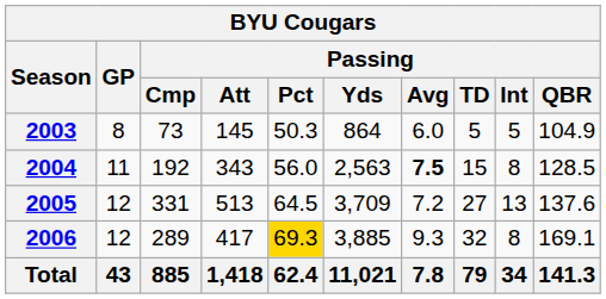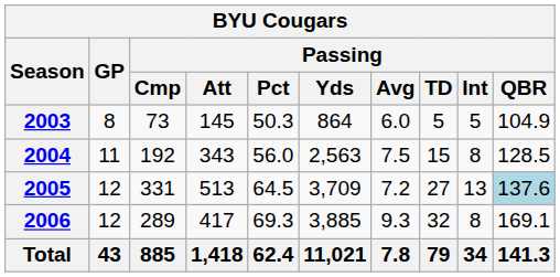 <table class="wikitable" style="text-align: center;">
 <tr>
 <th colspan="15">BYU Cougars</th>
 </tr>
 <tr>
 <th rowspan="2">Season</th>
 <th rowspan="2">GP</th>
 <th colspan="8">Passing</th>
 </tr>
 <tr>
 <th>Cmp</th>
 <th>Att</th>
 <th>Pct</th>
 <th>Yds</th>
 <th>Avg</th>
 <th>TD</th>
 <th>Int</th>
 <th>QBR</th>
 </tr>
 <tr>
 <th><a href='#'>2003</a></th>
 <td>8</td>
 <td>73</td>
 <td>145</td>
 <td>50.3</td>
 <td>864</td>
 <td>6.0</td>
 <td>5</td>
 <td>5</td>
 <td>104.9</td>
 </tr>
 <tr>
 <th><a href='#'>2004</a></th>
 <td>11</td>
 <td>192</td>
 <td>343</td>
 <td>56.0</td>
 <td>2,563</td>
-<td><strong>7.5</strong></td>
+<td>7.5</td>
 <td>15</td>
 <td>8</td>
 <td>128.5</td>
 </tr>
 <tr>
 <th><a href='#'>2005</a></th>
 <td>12</td>
 <td>331</td>
 <td>513</td>
 <td>64.5</td>
 <td>3,709</td>
 <td>7.2</td>
 <td>27</td>
 <td>13</td>
-<td>137.6</td>
+<td style="background: lightblue;">137.6</td>
 </tr>
 <tr>
 <th><a href='#'>2006</a></th>
 <td>12</td>
 <td>289</td>
 <td>417</td>
-<td style="background: gold;">69.3</td>
+<td>69.3</td>
 <td>3,885</td>
 <td>9.3</td>
 <td>32</td>
 <td>8</td>
 <td>169.1</td>
 </tr>
 <tr>
 <th>Total</th>
 <th>43</th>
 <th>885</th>
 <th>1,418</th>
 <th>62.4</th>
 <th>11,021</th>
 <th>7.8</th>
 <th>79</th>
 <th>34</th>
 <th>141.3</th>
 </tr>
 </table>
